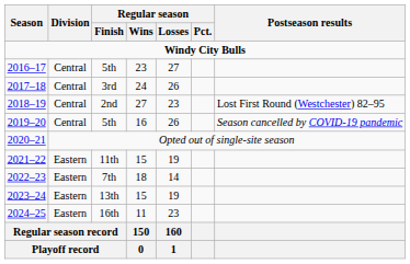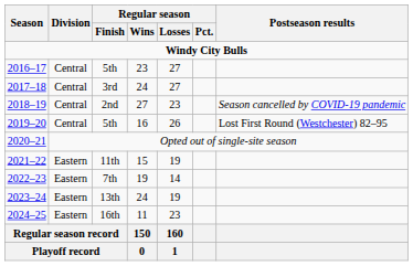 <table class="wikitable" style="font-size:95%; text-align:center">
 <tr>
 <th rowspan=2>Season</th>
 <th rowspan=2>Division</th>
 <th colspan=4>Regular season</th>
 <th rowspan=2>Postseason results</th>
 </tr>
 <tr>
 <th>Finish</th>
 <th>Wins</th>
 <th>Losses</th>
 <th>Pct.</th>
 </tr>
 <tr>
 <td colspan=10 align="center"><strong>Windy City Bulls</strong></td>
 </tr>
 <tr>
 <td><a href='#'>2016–17</a></td>
 <td>Central</td>
 <td>5th</td>
 <td>23</td>
 <td>27</td>
 <td></td>
 <td></td>
 </tr>
 <tr>
 <td><a href='#'>2017–18</a></td>
 <td>Central</td>
 <td>3rd</td>
 <td>24</td>
-<td>26</td>
+<td>27</td>
 <td></td>
 <td></td>
 </tr>
 <tr>
 <td><a href='#'>2018–19</a></td>
 <td>Central</td>
 <td>2nd</td>
 <td>27</td>
 <td>23</td>
 <td></td>
-<td align=left>Lost First Round (<a href='#'>Westchester</a>) 82–95</td>
+<td align=left><em>Season cancelled by <a href='#'>COVID-19 pandemic</a></em></td>
 </tr>
 <tr>
 <td><a href='#'>2019–20</a></td>
 <td>Central</td>
 <td>5th</td>
 <td>16</td>
 <td>26</td>
 <td></td>
-<td align=left><em>Season cancelled by <a href='#'>COVID-19 pandemic</a></em></td>
+<td align=left>Lost First Round (<a href='#'>Westchester</a>) 82–95</td>
 </tr>
 <tr>
 <td><a href='#'>2020–21</a></td>
 <td colspan="7"><em>Opted out of single-site season</em></td>
 </tr>
 <tr>
 <td><a href='#'>2021–22</a></td>
 <td>Eastern</td>
 <td>11th</td>
 <td>15</td>
 <td>19</td>
 <td></td>
 <td align=left></td>
 </tr>
 <tr>
 <td><a href='#'>2022–23</a></td>
 <td>Eastern</td>
 <td>7th</td>
-<td>18</td>
+<td>19</td>
 <td>14</td>
 <td></td>
 <td align=left></td>
 </tr>
 <tr>
 <td><a href='#'>2023–24</a></td>
 <td>Eastern</td>
 <td>13th</td>
-<td>15</td>
+<td>24</td>
 <td>19</td>
 <td></td>
 <td align=left></td>
 </tr>
 <tr>
 <td><a href='#'>2024–25</a></td>
 <td>Eastern</td>
 <td>16th</td>
 <td>11</td>
 <td>23</td>
 <td></td>
 <td align=left></td>
 </tr>
 <tr>
 <th colspan=3>Regular season record</th>
 <th>150</th>
 <th>160</th>
 <th></th>
 <th></th>
 </tr>
 <tr>
 <th colspan=3>Playoff record</th>
 <th>0</th>
 <th>1</th>
 <th></th>
 <th></th>
 </tr>
 </table>
